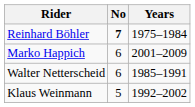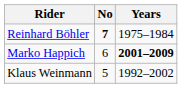 <table class="wikitable" style="display:inline-table;">
 <tr>
 <th>Rider</th>
 <th>No</th>
 <th>Years</th>
 </tr>
 <tr align="center">
 <td align="left"><a href='#'>Reinhard Böhler</a></td>
 <td><strong>7</strong></td>
 <td>1975–1984</td>
 </tr>
 <tr align="center">
 <td align="left"><a href='#'>Marko Happich</a></td>
 <td>6</td>
-<td>2001–2009</td>
-</tr>
-<tr align="center">
-<td align="left">Walter Netterscheid</td>
-<td>6</td>
-<td>1985–1991</td>
+<td><strong>2001–2009</strong></td>
 </tr>
 <tr align="center">
 <td align="left">Klaus Weinmann</td>
 <td>5</td>
 <td>1992–2002</td>
 </tr>
 </table>
